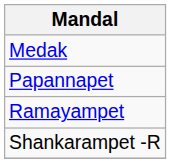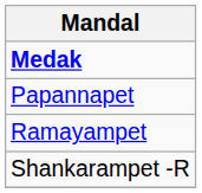 <table class="wikitable sortable static-row-numbers static-row-header-hash">
 <tr>
 <th>Mandal</th>
 </tr>
 <tr>
-<td><a href='#'>Medak</a></td>
+<td><strong><a href='#'>Medak</a></strong></td>
 </tr>
 <tr>
 <td><a href='#'>Papannapet</a></td>
 </tr>
 <tr>
 <td><a href='#'>Ramayampet</a></td>
 </tr>
 <tr>
 <td>Shankarampet -R</td>
 </tr>
 <tr>
 </tr>
 </table>
